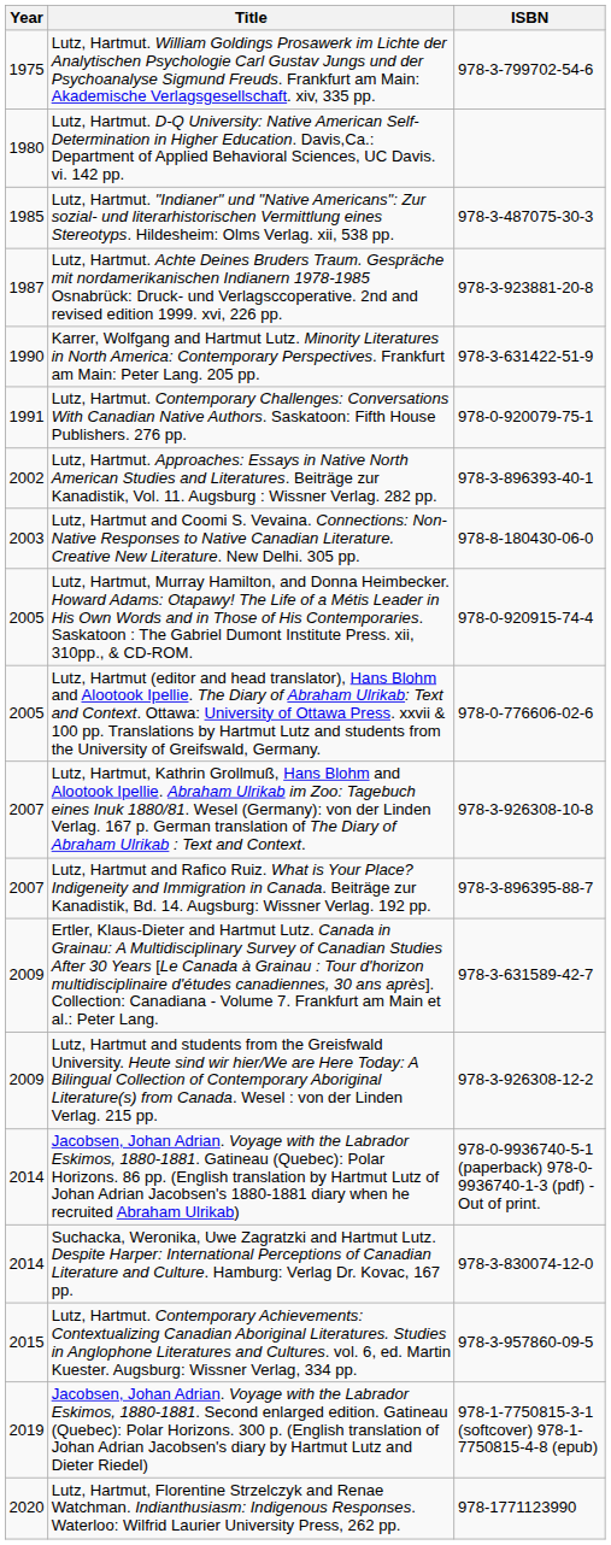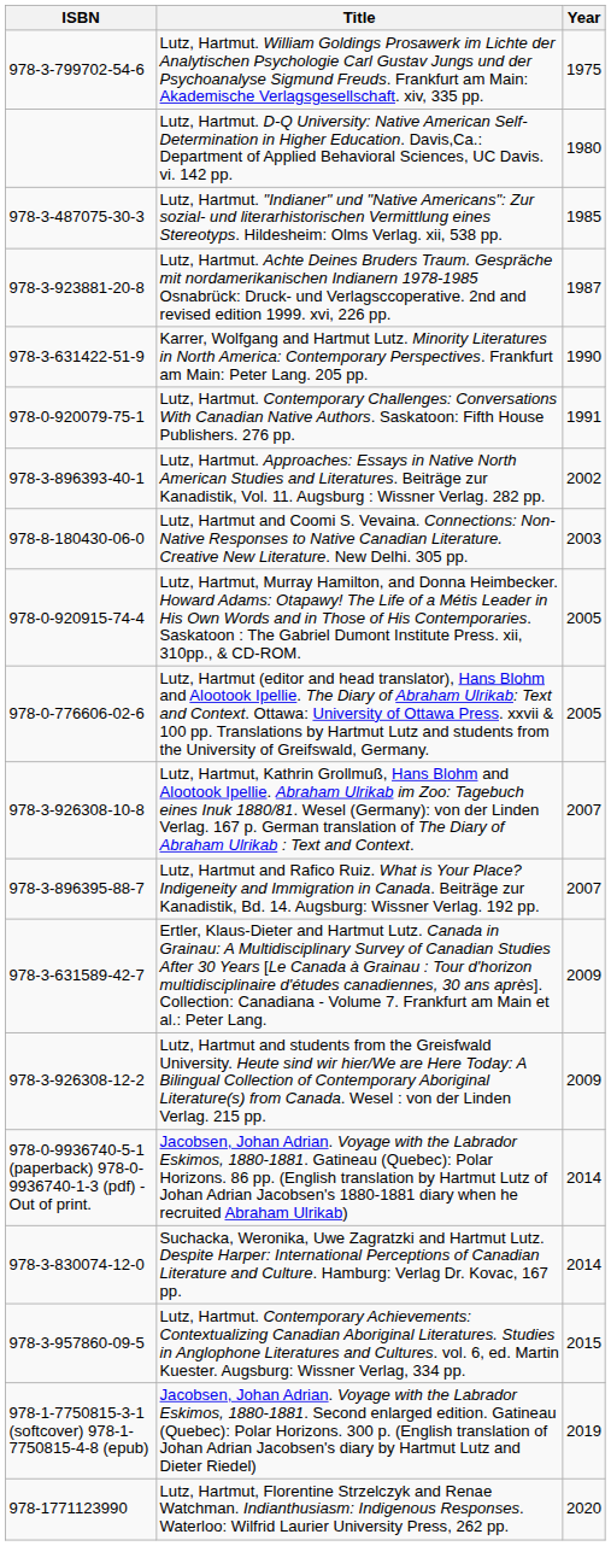 <table class="wikitable">
 <tr>
+<th>ISBN</th>
+<th>Title</th>
 <th>Year</th>
-<th>Title</th>
-<th>ISBN</th>
 </tr>
 <tr>
+<td align="left">978-3-799702-54-6</td>
+<td align="left">Lutz, Hartmut. <em>William Goldings Prosawerk im Lichte der Analytischen Psychologie Carl Gustav Jungs und der Psychoanalyse Sigmund Freuds</em>. Frankfurt am Main: <a href='#'>Akademische Verlagsgesellschaft</a>. xiv, 335 pp.</td>
 <td>1975</td>
-<td align="left">Lutz, Hartmut. <em>William Goldings Prosawerk im Lichte der Analytischen Psychologie Carl Gustav Jungs und der Psychoanalyse Sigmund Freuds</em>. Frankfurt am Main: <a href='#'>Akademische Verlagsgesellschaft</a>. xiv, 335 pp.</td>
-<td align="left">978-3-799702-54-6</td>
 </tr>
 <tr>
+<td align="left"></td>
+<td align="left">Lutz, Hartmut. <em>D-Q University: Native American Self-Determination in Higher Education</em>. Davis,Ca.: Department of Applied Behavioral Sciences, UC Davis. vi. 142 pp.</td>
 <td>1980</td>
-<td align="left">Lutz, Hartmut. <em>D-Q University: Native American Self-Determination in Higher Education</em>. Davis,Ca.: Department of Applied Behavioral Sciences, UC Davis. vi. 142 pp.</td>
-<td align="left"></td>
 </tr>
 <tr>
+<td align="left">978-3-487075-30-3</td>
+<td align="left">Lutz, Hartmut. <em>"Indianer" und "Native Americans": Zur sozial- und literarhistorischen Vermittlung eines Stereotyps</em>. Hildesheim: Olms Verlag. xii, 538 pp.</td>
 <td>1985</td>
-<td align="left">Lutz, Hartmut. <em>"Indianer" und "Native Americans": Zur sozial- und literarhistorischen Vermittlung eines Stereotyps</em>. Hildesheim: Olms Verlag. xii, 538 pp.</td>
-<td align="left">978-3-487075-30-3</td>
 </tr>
 <tr>
+<td align="left">978-3-923881-20-8</td>
+<td align="left">Lutz, Hartmut. <em>Achte Deines Bruders Traum. Gespräche mit nordamerikanischen Indianern 1978-1985</em> Osnabrück: Druck- und Verlagsccoperative. 2nd and revised edition 1999. xvi, 226 pp.</td>
 <td>1987</td>
-<td align="left">Lutz, Hartmut. <em>Achte Deines Bruders Traum. Gespräche mit nordamerikanischen Indianern 1978-1985</em> Osnabrück: Druck- und Verlagsccoperative. 2nd and revised edition 1999. xvi, 226 pp.</td>
-<td align="left">978-3-923881-20-8</td>
 </tr>
 <tr>
+<td align="left">978-3-631422-51-9</td>
+<td align="left">Karrer, Wolfgang and Hartmut Lutz. <em>Minority Literatures in North America: Contemporary Perspectives</em>. Frankfurt am Main: Peter Lang. 205 pp.</td>
 <td>1990</td>
-<td align="left">Karrer, Wolfgang and Hartmut Lutz. <em>Minority Literatures in North America: Contemporary Perspectives</em>. Frankfurt am Main: Peter Lang. 205 pp.</td>
-<td align="left">978-3-631422-51-9</td>
 </tr>
 <tr>
+<td align="left">978-0-920079-75-1</td>
+<td align="left">Lutz, Hartmut. <em>Contemporary Challenges: Conversations With Canadian Native Authors</em>. Saskatoon: Fifth House Publishers. 276 pp.</td>
 <td>1991</td>
-<td align="left">Lutz, Hartmut. <em>Contemporary Challenges: Conversations With Canadian Native Authors</em>. Saskatoon: Fifth House Publishers. 276 pp.</td>
-<td align="left">978-0-920079-75-1</td>
 </tr>
 <tr>
+<td align="left">978-3-896393-40-1</td>
+<td align="left">Lutz, Hartmut. <em>Approaches: Essays in Native North American Studies and Literatures</em>. Beiträge zur Kanadistik, Vol. 11. Augsburg : Wissner Verlag. 282 pp.</td>
 <td>2002</td>
-<td align="left">Lutz, Hartmut. <em>Approaches: Essays in Native North American Studies and Literatures</em>. Beiträge zur Kanadistik, Vol. 11. Augsburg : Wissner Verlag. 282 pp.</td>
-<td align="left">978-3-896393-40-1</td>
 </tr>
 <tr>
+<td align="left">978-8-180430-06-0</td>
+<td align="left">Lutz, Hartmut and Coomi S. Vevaina. <em>Connections: Non-Native Responses to Native Canadian Literature. Creative New Literature</em>. New Delhi. 305 pp.</td>
 <td>2003</td>
-<td align="left">Lutz, Hartmut and Coomi S. Vevaina. <em>Connections: Non-Native Responses to Native Canadian Literature. Creative New Literature</em>. New Delhi. 305 pp.</td>
-<td align="left">978-8-180430-06-0</td>
 </tr>
 <tr>
+<td align="left">978-0-920915-74-4</td>
+<td align="left">Lutz, Hartmut, Murray Hamilton, and Donna Heimbecker. <em>Howard Adams: Otapawy! The Life of a Métis Leader in His Own Words and in Those of His Contemporaries</em>. Saskatoon : The Gabriel Dumont Institute Press. xii, 310pp., & CD-ROM.</td>
 <td>2005</td>
-<td align="left">Lutz, Hartmut, Murray Hamilton, and Donna Heimbecker. <em>Howard Adams: Otapawy! The Life of a Métis Leader in His Own Words and in Those of His Contemporaries</em>. Saskatoon : The Gabriel Dumont Institute Press. xii, 310pp., & CD-ROM.</td>
-<td align="left">978-0-920915-74-4</td>
 </tr>
 <tr>
+<td align="left">978-0-776606-02-6</td>
+<td align="left">Lutz, Hartmut (editor and head translator), <a href='#'>Hans Blohm</a> and <a href='#'>Alootook Ipellie</a>. <em>The Diary of <a href='#'>Abraham Ulrikab</a>: Text and Context</em>. Ottawa: <a href='#'>University of Ottawa Press</a>. xxvii & 100 pp. Translations by Hartmut Lutz and students from the University of Greifswald, Germany.</td>
 <td>2005</td>
-<td align="left">Lutz, Hartmut (editor and head translator), <a href='#'>Hans Blohm</a> and <a href='#'>Alootook Ipellie</a>. <em>The Diary of <a href='#'>Abraham Ulrikab</a>: Text and Context</em>. Ottawa: <a href='#'>University of Ottawa Press</a>. xxvii & 100 pp. Translations by Hartmut Lutz and students from the University of Greifswald, Germany.</td>
-<td align="left">978-0-776606-02-6</td>
 </tr>
 <tr>
+<td align="left">978-3-926308-10-8</td>
+<td align="left">Lutz, Hartmut, Kathrin Grollmuß, <a href='#'>Hans Blohm</a> and <a href='#'>Alootook Ipellie</a>. <em><a href='#'>Abraham Ulrikab</a> im Zoo: Tagebuch eines Inuk 1880/81</em>. Wesel (Germany): von der Linden Verlag. 167 p. German translation of <em>The Diary of <a href='#'>Abraham Ulrikab</a> : Text and Context</em>.</td>
 <td>2007</td>
-<td align="left">Lutz, Hartmut, Kathrin Grollmuß, <a href='#'>Hans Blohm</a> and <a href='#'>Alootook Ipellie</a>. <em><a href='#'>Abraham Ulrikab</a> im Zoo: Tagebuch eines Inuk 1880/81</em>. Wesel (Germany): von der Linden Verlag. 167 p. German translation of <em>The Diary of <a href='#'>Abraham Ulrikab</a> : Text and Context</em>.</td>
-<td align="left">978-3-926308-10-8</td>
 </tr>
 <tr>
+<td align="left">978-3-896395-88-7</td>
+<td align="left">Lutz, Hartmut and Rafico Ruiz. <em>What is Your Place? Indigeneity and Immigration in Canada</em>. Beiträge zur Kanadistik, Bd. 14. Augsburg: Wissner Verlag. 192 pp.</td>
 <td>2007</td>
-<td align="left">Lutz, Hartmut and Rafico Ruiz. <em>What is Your Place? Indigeneity and Immigration in Canada</em>. Beiträge zur Kanadistik, Bd. 14. Augsburg: Wissner Verlag. 192 pp.</td>
-<td align="left">978-3-896395-88-7</td>
 </tr>
 <tr>
+<td align="left">978-3-631589-42-7</td>
+<td align="left">Ertler, Klaus-Dieter and Hartmut Lutz. <em>Canada in Grainau: A Multidisciplinary Survey of Canadian Studies After 30 Years</em> [<em>Le Canada à Grainau : Tour d'horizon multidisciplinaire d'études canadiennes, 30 ans après</em>]. Collection: Canadiana - Volume 7. Frankfurt am Main et al.: Peter Lang.</td>
 <td>2009</td>
-<td align="left">Ertler, Klaus-Dieter and Hartmut Lutz. <em>Canada in Grainau: A Multidisciplinary Survey of Canadian Studies After 30 Years</em> [<em>Le Canada à Grainau : Tour d'horizon multidisciplinaire d'études canadiennes, 30 ans après</em>]. Collection: Canadiana - Volume 7. Frankfurt am Main et al.: Peter Lang.</td>
-<td align="left">978-3-631589-42-7</td>
 </tr>
 <tr>
+<td align="left">978-3-926308-12-2</td>
+<td align="left">Lutz, Hartmut and students from the Greisfwald University. <em>Heute sind wir hier/We are Here Today: A Bilingual Collection of Contemporary Aboriginal Literature(s) from Canada</em>. Wesel : von der Linden Verlag. 215 pp.</td>
 <td>2009</td>
-<td align="left">Lutz, Hartmut and students from the Greisfwald University. <em>Heute sind wir hier/We are Here Today: A Bilingual Collection of Contemporary Aboriginal Literature(s) from Canada</em>. Wesel : von der Linden Verlag. 215 pp.</td>
-<td align="left">978-3-926308-12-2</td>
 </tr>
 <tr>
+<td align="left">978-0-9936740-5-1 (paperback) 978-0-9936740-1-3 (pdf) - Out of print.</td>
+<td align="left"><a href='#'>Jacobsen, Johan Adrian</a>. <em>Voyage with the Labrador Eskimos, 1880-1881</em>. Gatineau (Quebec): Polar Horizons. 86 pp. (English translation by Hartmut Lutz of Johan Adrian Jacobsen's 1880-1881 diary when he recruited <a href='#'>Abraham Ulrikab</a>)</td>
 <td>2014</td>
-<td align="left"><a href='#'>Jacobsen, Johan Adrian</a>. <em>Voyage with the Labrador Eskimos, 1880-1881</em>. Gatineau (Quebec): Polar Horizons. 86 pp. (English translation by Hartmut Lutz of Johan Adrian Jacobsen's 1880-1881 diary when he recruited <a href='#'>Abraham Ulrikab</a>)</td>
-<td align="left">978-0-9936740-5-1 (paperback) 978-0-9936740-1-3 (pdf) - Out of print.</td>
 </tr>
 <tr>
+<td align="left">978-3-830074-12-0</td>
+<td align="left">Suchacka, Weronika, Uwe Zagratzki and Hartmut Lutz. <em>Despite Harper: International Perceptions of Canadian Literature and Culture</em>. Hamburg: Verlag Dr. Kovac, 167 pp.</td>
 <td>2014</td>
-<td align="left">Suchacka, Weronika, Uwe Zagratzki and Hartmut Lutz. <em>Despite Harper: International Perceptions of Canadian Literature and Culture</em>. Hamburg: Verlag Dr. Kovac, 167 pp.</td>
-<td align="left">978-3-830074-12-0</td>
 </tr>
 <tr>
+<td align="left">978-3-957860-09-5</td>
+<td align="left">Lutz, Hartmut. <em>Contemporary Achievements: Contextualizing Canadian Aboriginal Literatures. Studies in Anglophone Literatures and Cultures</em>. vol. 6, ed. Martin Kuester. Augsburg: Wissner Verlag, 334 pp.</td>
 <td>2015</td>
-<td align="left">Lutz, Hartmut. <em>Contemporary Achievements: Contextualizing Canadian Aboriginal Literatures. Studies in Anglophone Literatures and Cultures</em>. vol. 6, ed. Martin Kuester. Augsburg: Wissner Verlag, 334 pp.</td>
-<td align="left">978-3-957860-09-5</td>
 </tr>
 <tr>
+<td align="left">978-1-7750815-3-1 (softcover) 978-1-7750815-4-8 (epub)</td>
+<td align="left"><a href='#'>Jacobsen, Johan Adrian</a>. <em>Voyage with the Labrador Eskimos, 1880-1881</em>. Second enlarged edition. Gatineau (Quebec): Polar Horizons. 300 p. (English translation of Johan Adrian Jacobsen's diary by Hartmut Lutz and Dieter Riedel)</td>
 <td>2019</td>
-<td align="left"><a href='#'>Jacobsen, Johan Adrian</a>. <em>Voyage with the Labrador Eskimos, 1880-1881</em>. Second enlarged edition. Gatineau (Quebec): Polar Horizons. 300 p. (English translation of Johan Adrian Jacobsen's diary by Hartmut Lutz and Dieter Riedel)</td>
-<td align="left">978-1-7750815-3-1 (softcover) 978-1-7750815-4-8 (epub)</td>
 </tr>
 <tr>
+<td align="left">978-1771123990</td>
+<td align="left">Lutz, Hartmut, Florentine Strzelczyk and Renae Watchman. <em>Indianthusiasm: Indigenous Responses</em>. Waterloo: Wilfrid Laurier University Press, 262 pp.</td>
 <td>2020</td>
-<td align="left">Lutz, Hartmut, Florentine Strzelczyk and Renae Watchman. <em>Indianthusiasm: Indigenous Responses</em>. Waterloo: Wilfrid Laurier University Press, 262 pp.</td>
-<td align="left">978-1771123990</td>
 </tr>
 </table>
